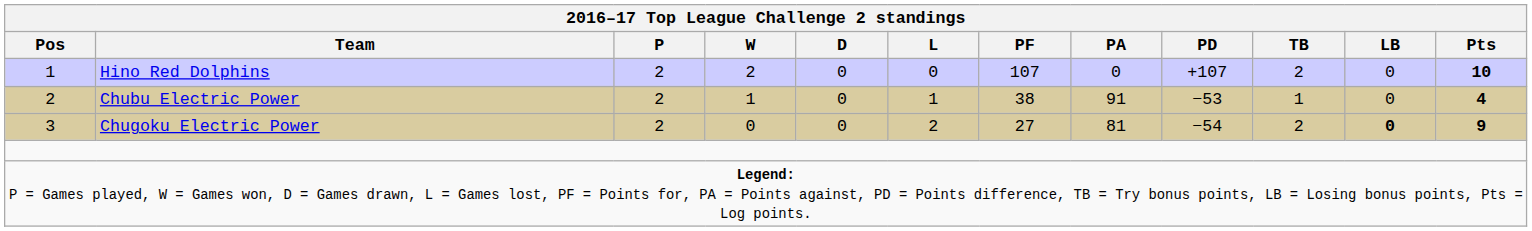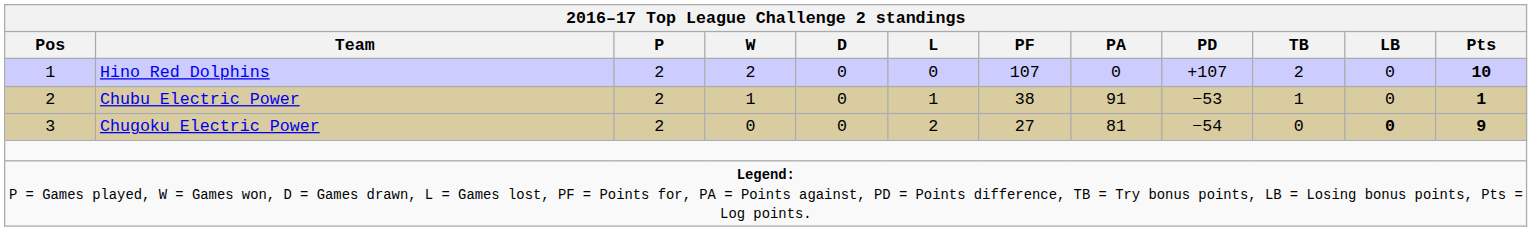 <table class="wikitable" style="text-align:center; font-size:100%; width:60%;">
 <tr>
 <th colspan="100%" cellpadding="0" cellspacing="0"><strong>2016–17 Top League Challenge 2 standings</strong></th>
 </tr>
 <tr>
 <th style="width:6%;">Pos</th>
 <th style="width:34%;">Team</th>
 <th style="width:6%;">P</th>
 <th style="width:6%;">W</th>
 <th style="width:6%;">D</th>
 <th style="width:6%;">L</th>
 <th style="width:6%;">PF</th>
 <th style="width:6%;">PA</th>
 <th style="width:6%;">PD</th>
 <th style="width:6%;">TB</th>
 <th style="width:6%;">LB</th>
 <th style="width:6%;">Pts<br></th>
 </tr>
 <tr style="background:#CCCCFF;">
 <td>1</td>
 <td style="text-align:left;"><a href='#'>Hino Red Dolphins</a></td>
 <td>2</td>
 <td>2</td>
 <td>0</td>
 <td>0</td>
 <td>107</td>
 <td>0</td>
 <td>+107</td>
 <td>2</td>
 <td>0</td>
 <td><strong>10</strong></td>
 </tr>
 <tr style="background:#D9CCA0;">
 <td>2</td>
 <td style="text-align:left;"><a href='#'>Chubu Electric Power</a></td>
 <td>2</td>
 <td>1</td>
 <td>0</td>
 <td>1</td>
 <td>38</td>
 <td>91</td>
 <td>−53</td>
 <td>1</td>
 <td>0</td>
-<td><strong>4</strong></td>
+<td><strong>1</strong></td>
 </tr>
 <tr style="background:#D9CCA0;">
 <td>3</td>
 <td style="text-align:left;"><a href='#'>Chugoku Electric Power</a></td>
 <td>2</td>
 <td>0</td>
 <td>0</td>
 <td>2</td>
 <td>27</td>
 <td>81</td>
 <td>−54</td>
-<td>2</td>
+<td>0</td>
 <td><strong>0</strong></td>
 <td><strong>9</strong></td>
 </tr>
 <tr>
 <td colspan="100%" style="height:10px;"></td>
 </tr>
 <tr>
 <td colspan="100%"><small><strong>Legend:</strong> <br> P = Games played, W = Games won, D = Games drawn, L = Games lost, PF = Points for, PA = Points against, PD = Points difference, TB = Try bonus points, LB = Losing bonus points, Pts = Log points.</small></td>
 </tr>
 </table>
